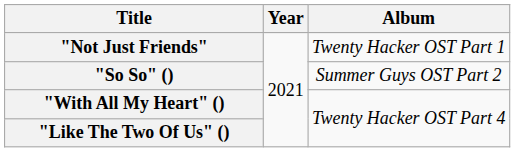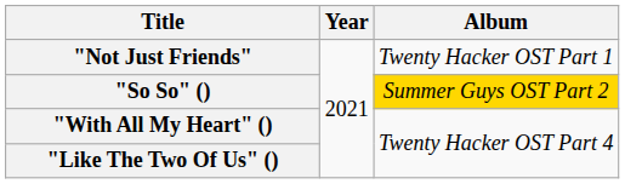 <table class="wikitable plainrowheaders" style="text-align:center" border="1">
 <tr>
 <th scope="col" style="width:14em">Title</th>
 <th scope="col">Year</th>
 <th scope="col">Album</th>
 </tr>
 <tr>
 <th scope="row">"Not Just Friends"</th>
 <td rowspan="4">2021</td>
 <td><em>Twenty Hacker OST Part 1</em></td>
 </tr>
 <tr>
 <th scope="row">"So So" ()</th>
-<td><em>Summer Guys OST Part 2</em></td>
+<td style="background: gold;"><em>Summer Guys OST Part 2</em></td>
 </tr>
 <tr>
 <th scope="row">"With All My Heart" ()</th>
 <td rowspan="2"><em>Twenty Hacker OST Part 4</em></td>
 </tr>
 <tr>
 <th scope="row">"Like The Two Of Us" ()</th>
 </tr>
 </table>
